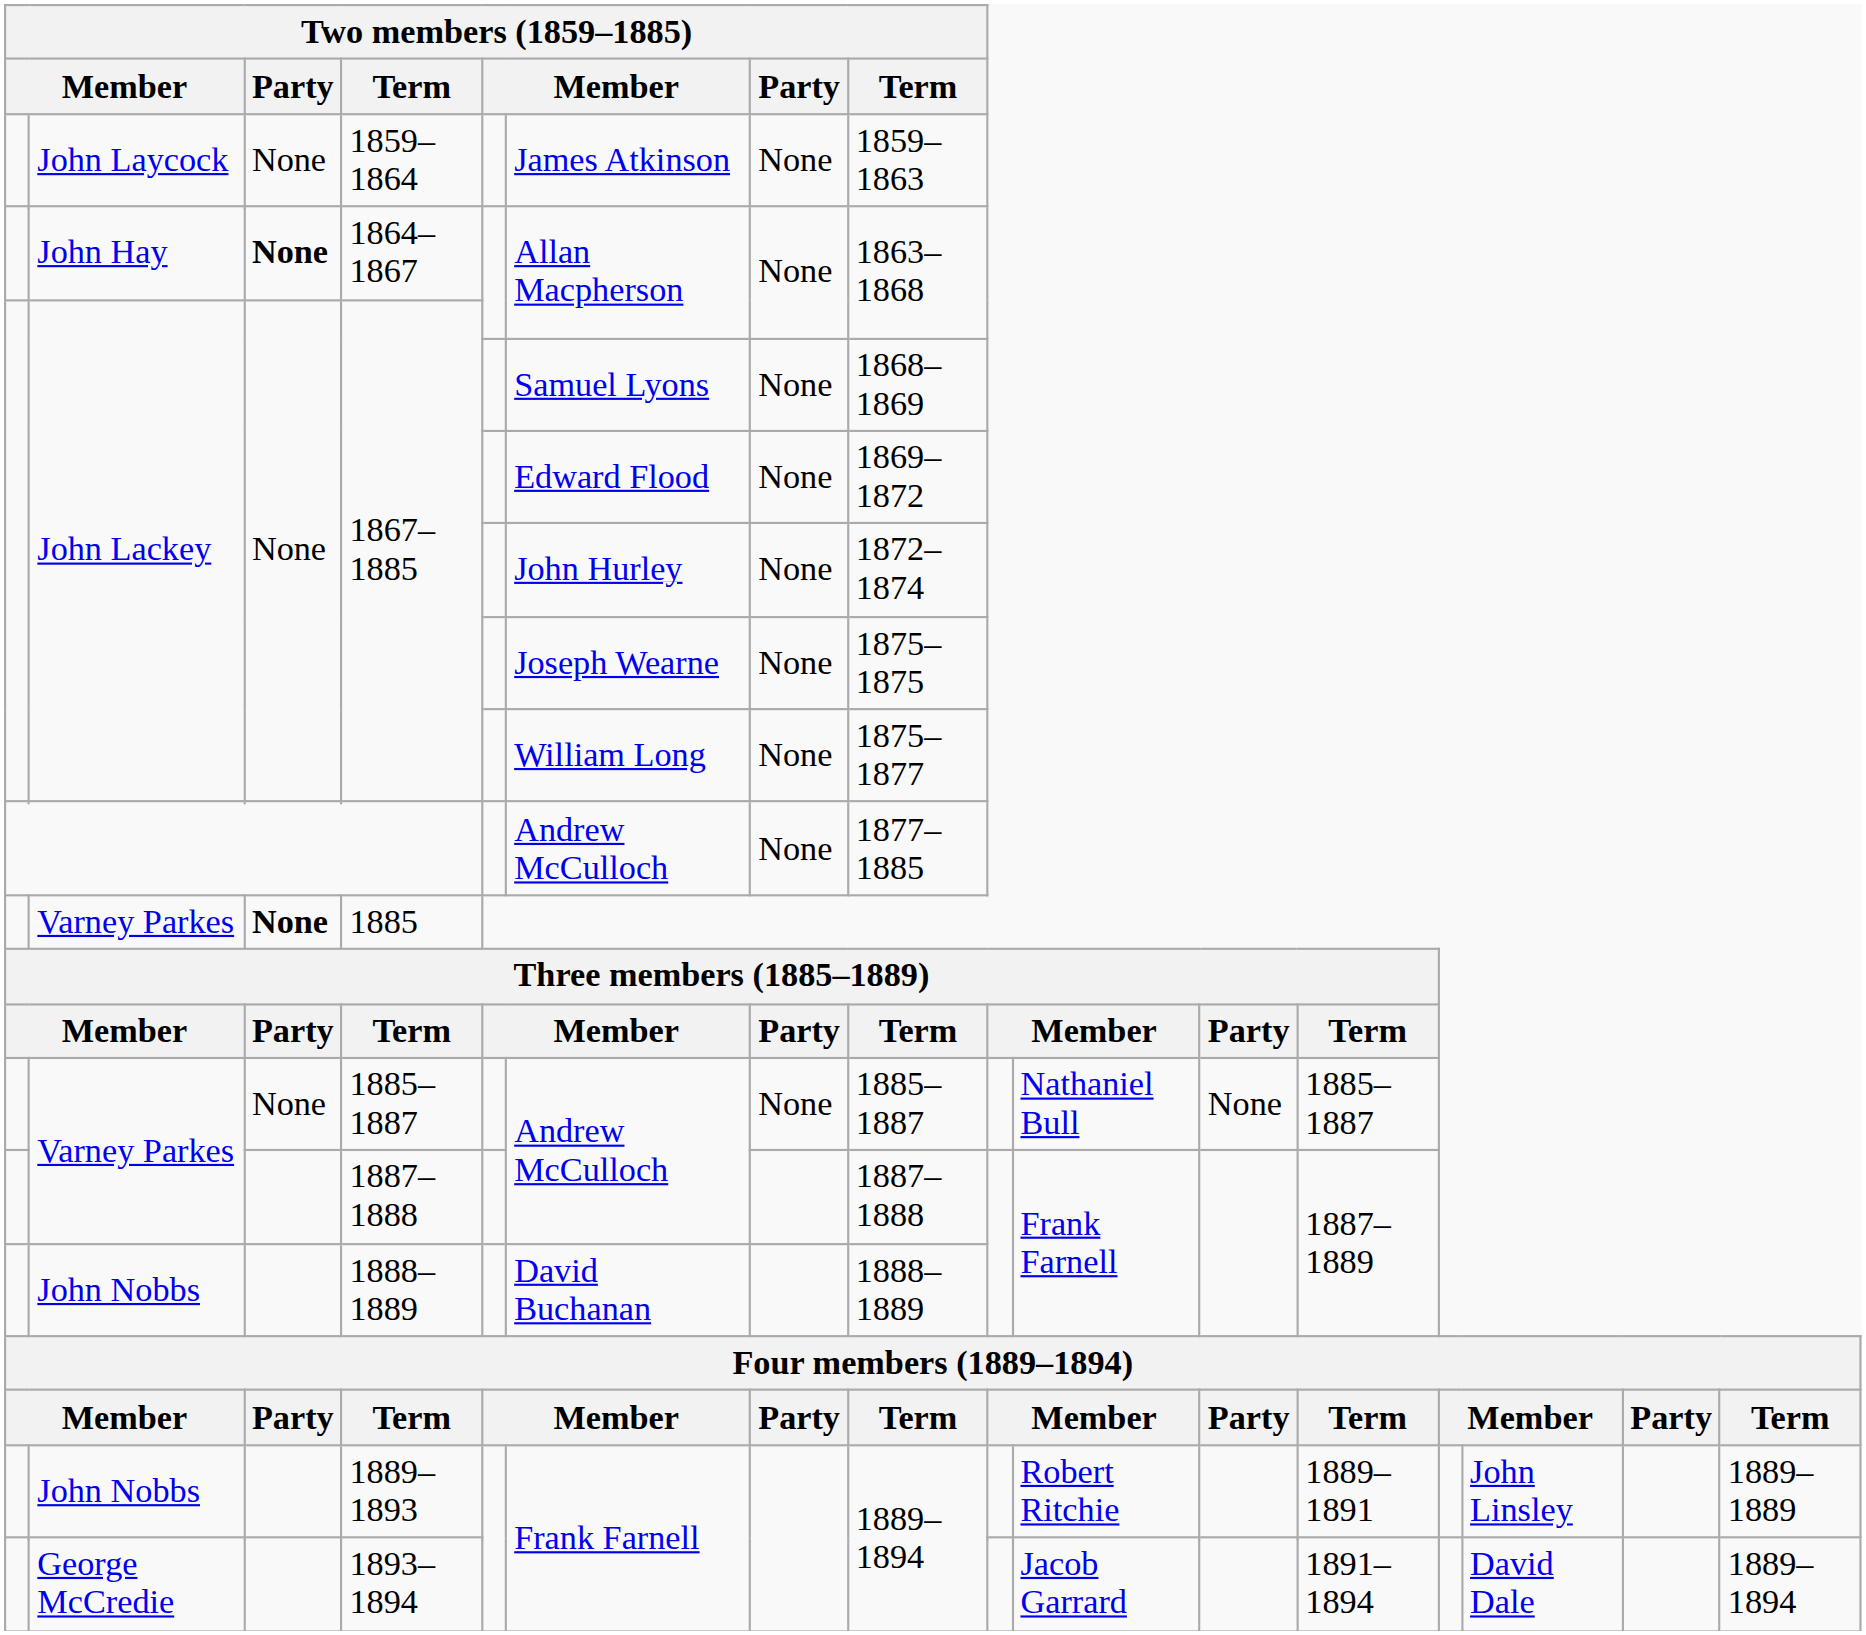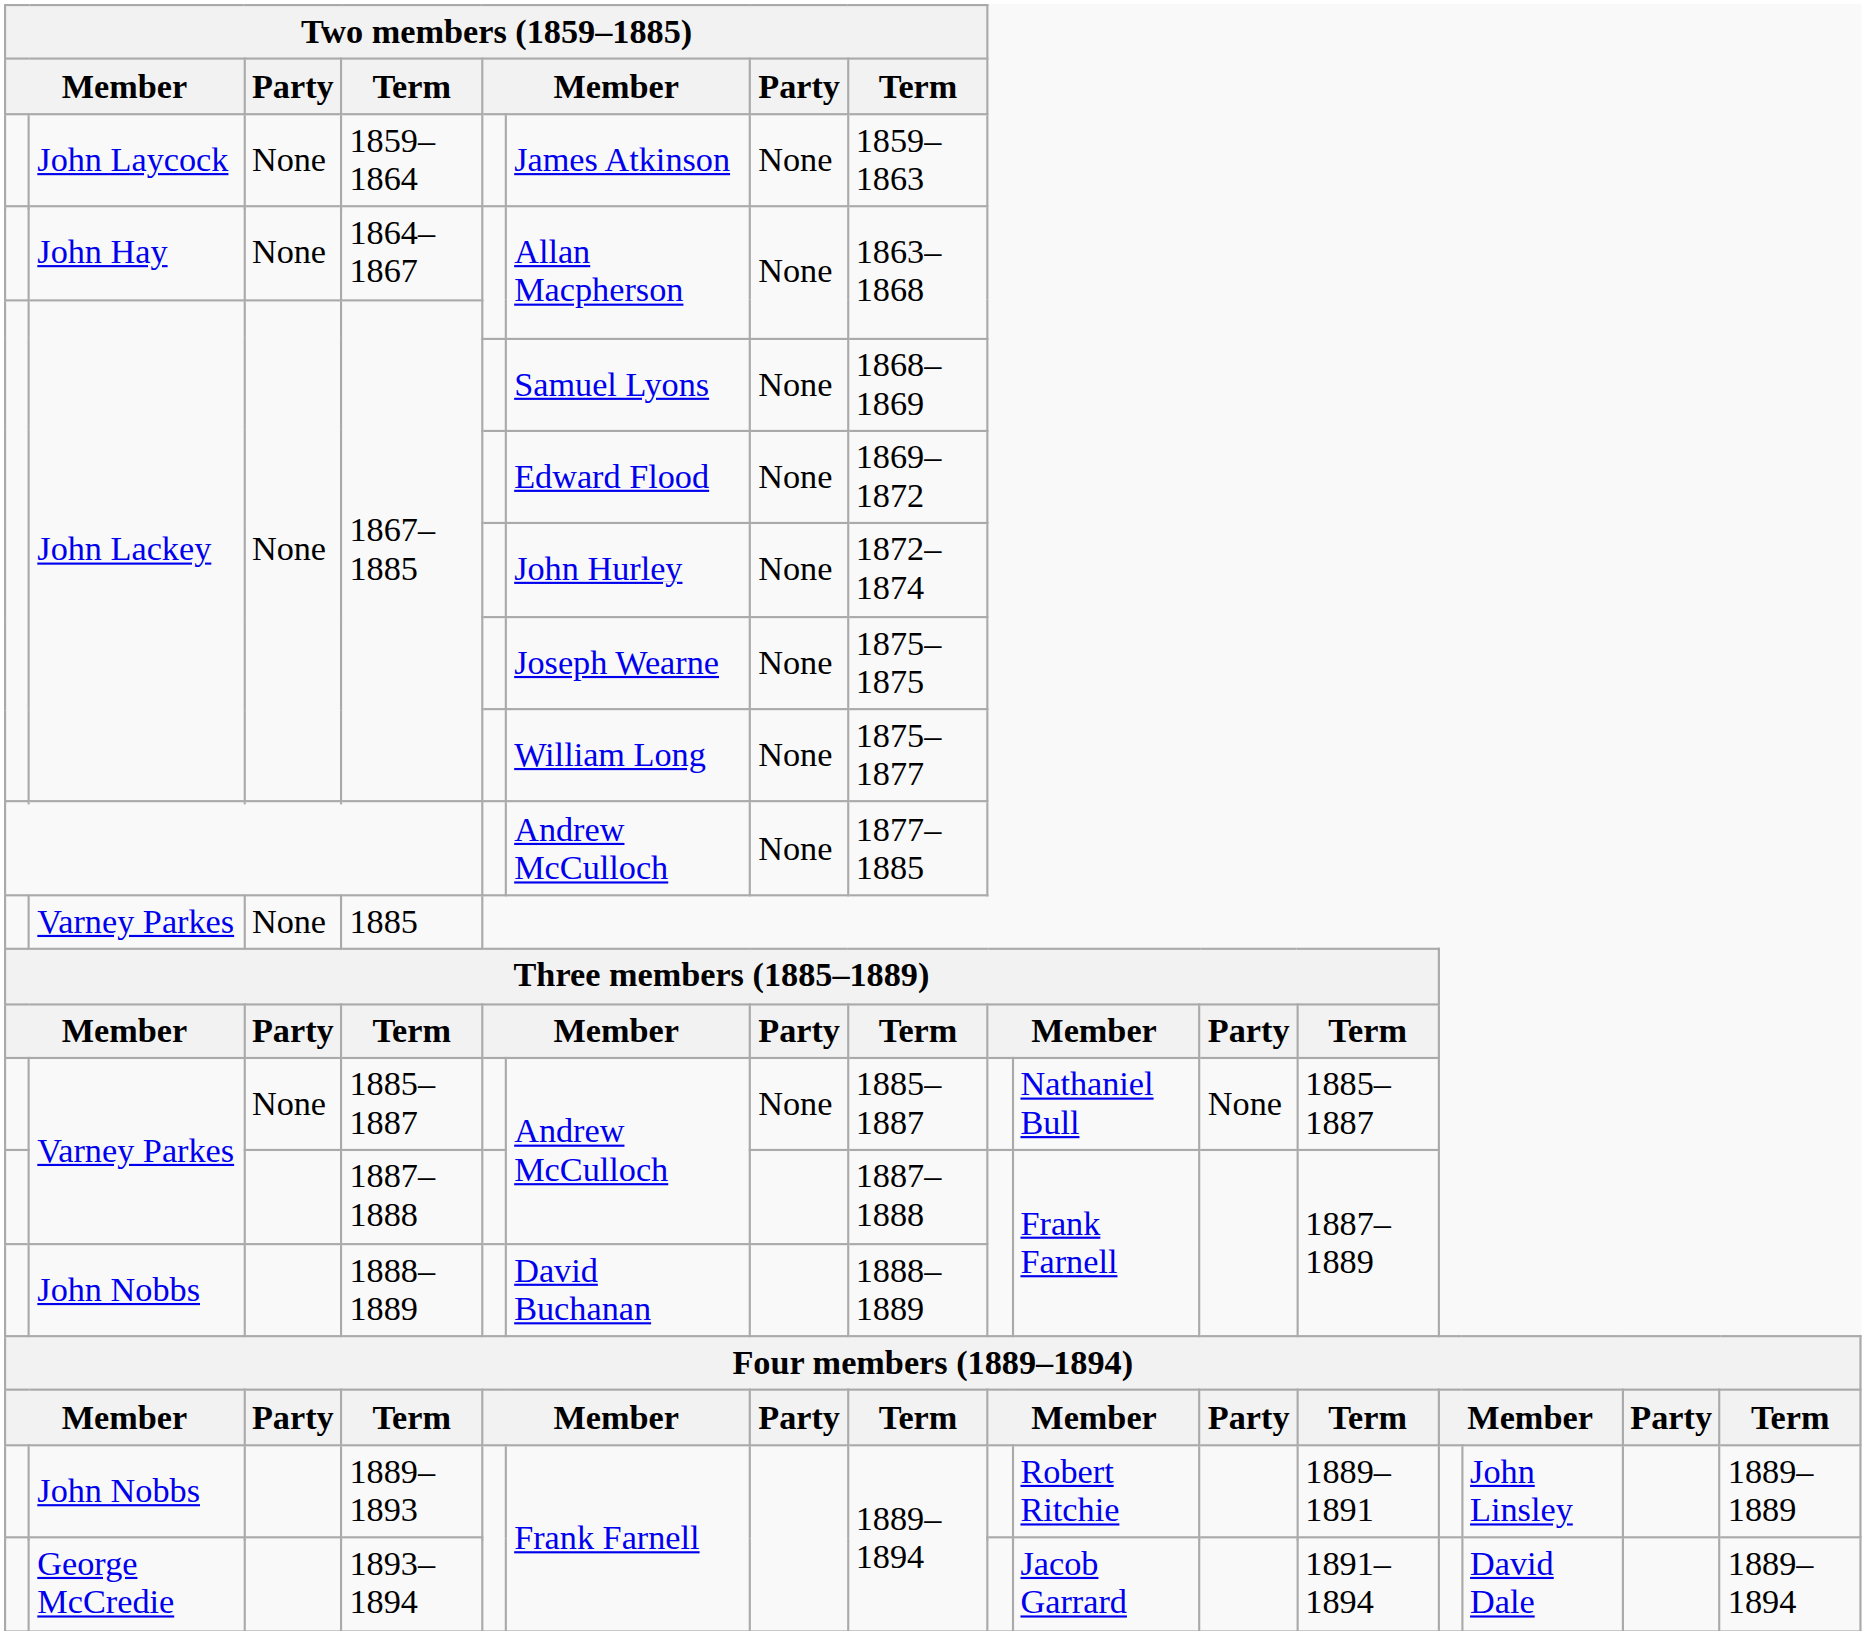 <table class="wikitable" style='border-style: none none none solid;'>
 <tr>
 <th colspan="8">Two members (1859–1885)</th>
 </tr>
 <tr>
 <th colspan="2">Member</th>
 <th>Party</th>
 <th>Term</th>
 <th colspan="2">Member</th>
 <th>Party</th>
 <th>Term</th>
 </tr>
 <tr style="background: #f9f9f9">
 <td rowspan="2" > </td>
 <td rowspan="2"><a href='#'>John Laycock</a></td>
 <td rowspan="2">None</td>
 <td rowspan="2">1859–1864</td>
 <td> </td>
 <td><a href='#'>James Atkinson</a></td>
 <td>None</td>
 <td>1859–1863</td>
 </tr>
 <tr style="background: #f9f9f9">
 <td rowspan="3" ><br><br> </td>
 <td rowspan="3"><a href='#'>Allan Macpherson</a></td>
 <td rowspan="3">None</td>
 <td rowspan="3">1863–1868</td>
 </tr>
 <tr style="background: #f9f9f9">
 <td> </td>
 <td><a href='#'>John Hay</a></td>
-<td><strong>None</strong></td>
+<td>None</td>
 <td>1864–1867</td>
 </tr>
 <tr style="background: #f9f9f9">
 <td rowspan="7" > </td>
 <td rowspan="7"><a href='#'>John Lackey</a></td>
 <td rowspan="7">None</td>
 <td rowspan="7">1867–1885</td>
 </tr>
 <tr style="background: #f9f9f9">
 <td> </td>
 <td><a href='#'>Samuel Lyons</a></td>
 <td>None</td>
 <td>1868–1869</td>
 </tr>
 <tr style="background: #f9f9f9">
 <td> </td>
 <td><a href='#'>Edward Flood</a></td>
 <td>None</td>
 <td>1869–1872</td>
 </tr>
 <tr style="background: #f9f9f9">
 <td> </td>
 <td><a href='#'>John Hurley</a></td>
 <td>None</td>
 <td>1872–1874</td>
 </tr>
 <tr style="background: #f9f9f9">
 <td> </td>
 <td><a href='#'>Joseph Wearne</a></td>
 <td>None</td>
 <td>1875–1875</td>
 </tr>
 <tr style="background: #f9f9f9">
 <td> </td>
 <td><a href='#'>William Long</a></td>
 <td>None</td>
 <td>1875–1877</td>
 </tr>
 <tr style="background: #f9f9f9">
 <td rowspan="2" > </td>
 <td rowspan="2"><a href='#'>Andrew McCulloch</a></td>
 <td rowspan="2">None</td>
 <td rowspan="2">1877–1885</td>
 </tr>
 <tr>
 </tr>
 <tr style="background: #f9f9f9">
 <td> </td>
 <td><a href='#'>Varney Parkes</a></td>
-<td><strong>None</strong></td>
+<td>None</td>
 <td>1885</td>
 </tr>
 <tr>
 <th colspan="12">Three members (1885–1889)</th>
 </tr>
 <tr>
 <th colspan="2">Member</th>
 <th>Party</th>
 <th>Term</th>
 <th colspan="2">Member</th>
 <th>Party</th>
 <th>Term</th>
 <th colspan="2">Member</th>
 <th>Party</th>
 <th>Term</th>
 </tr>
 <tr style="background: #f9f9f9">
 <td> </td>
 <td rowspan="2"><a href='#'>Varney Parkes</a></td>
 <td>None</td>
 <td>1885–1887</td>
 <td> </td>
 <td rowspan="2"><a href='#'>Andrew McCulloch</a></td>
 <td>None</td>
 <td>1885–1887</td>
 <td> </td>
 <td><a href='#'>Nathaniel Bull</a></td>
 <td>None</td>
 <td>1885–1887</td>
 </tr>
 <tr style="background: #f9f9f9">
 <td> </td>
 <td></td>
 <td>1887–1888</td>
 <td> </td>
 <td></td>
 <td>1887–1888</td>
 <td rowspan="2" > </td>
 <td rowspan="2"><a href='#'>Frank Farnell</a></td>
 <td rowspan="2"></td>
 <td rowspan="2">1887–1889</td>
 </tr>
 <tr style="background: #f9f9f9">
 <td> </td>
 <td><a href='#'>John Nobbs</a></td>
 <td></td>
 <td>1888–1889</td>
 <td> </td>
 <td><a href='#'>David Buchanan</a></td>
 <td></td>
 <td>1888–1889</td>
 </tr>
 <tr>
 <th colspan="16">Four members (1889–1894)</th>
 </tr>
 <tr>
 <th colspan="2">Member</th>
 <th>Party</th>
 <th>Term</th>
 <th colspan="2">Member</th>
 <th>Party</th>
 <th>Term</th>
 <th colspan="2">Member</th>
 <th>Party</th>
 <th>Term</th>
 <th colspan="2">Member</th>
 <th>Party</th>
 <th>Term</th>
 </tr>
 <tr style="background: #f9f9f9">
 <td rowspan="3" > </td>
 <td rowspan="3"><a href='#'>John Nobbs</a></td>
 <td rowspan="3"></td>
 <td rowspan="3">1889–1893</td>
 <td rowspan="4" > </td>
 <td rowspan="4"><a href='#'>Frank Farnell</a></td>
 <td rowspan="4"></td>
 <td rowspan="4">1889–1894</td>
 <td rowspan="2" > </td>
 <td rowspan="2"><a href='#'>Robert Ritchie</a></td>
 <td rowspan="2"></td>
 <td rowspan="2">1889–1891</td>
 <td> </td>
 <td><a href='#'>John Linsley</a></td>
 <td></td>
 <td>1889–1889</td>
 </tr>
 <tr style="background: #f9f9f9">
 <td rowspan="3" > </td>
 <td rowspan="3"><a href='#'>David Dale</a></td>
 <td rowspan="3"></td>
 <td rowspan="3">1889–1894</td>
 </tr>
 <tr style="background: #f9f9f9">
 <td rowspan="2" ><br> </td>
 <td rowspan="2"><a href='#'>Jacob Garrard</a></td>
 <td rowspan="2"></td>
 <td rowspan="2">1891–1894</td>
 </tr>
 <tr style="background: #f9f9f9">
 <td> </td>
 <td><a href='#'>George McCredie</a></td>
 <td></td>
 <td>1893–1894</td>
 </tr>
 </table>
